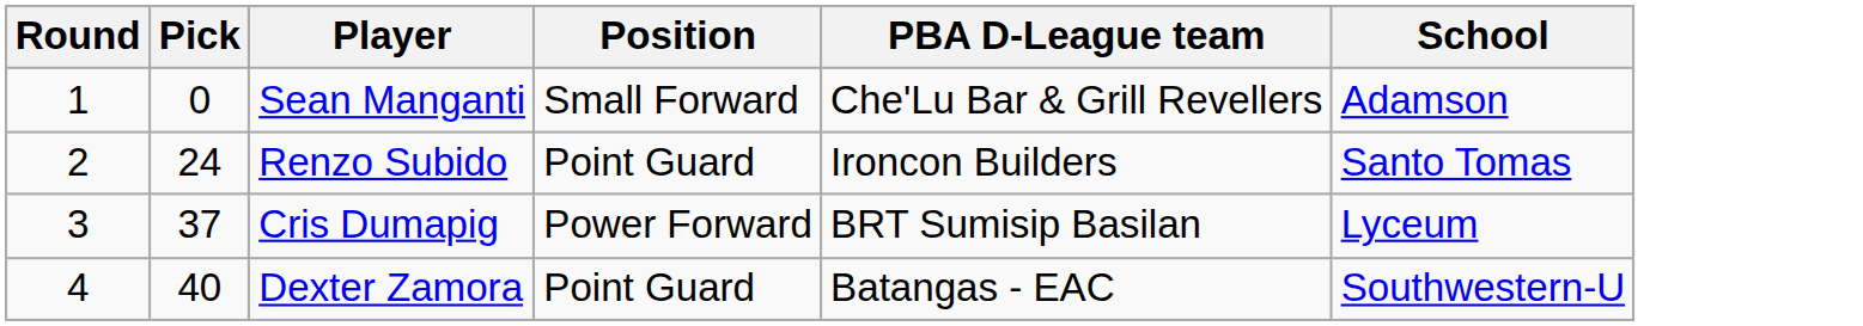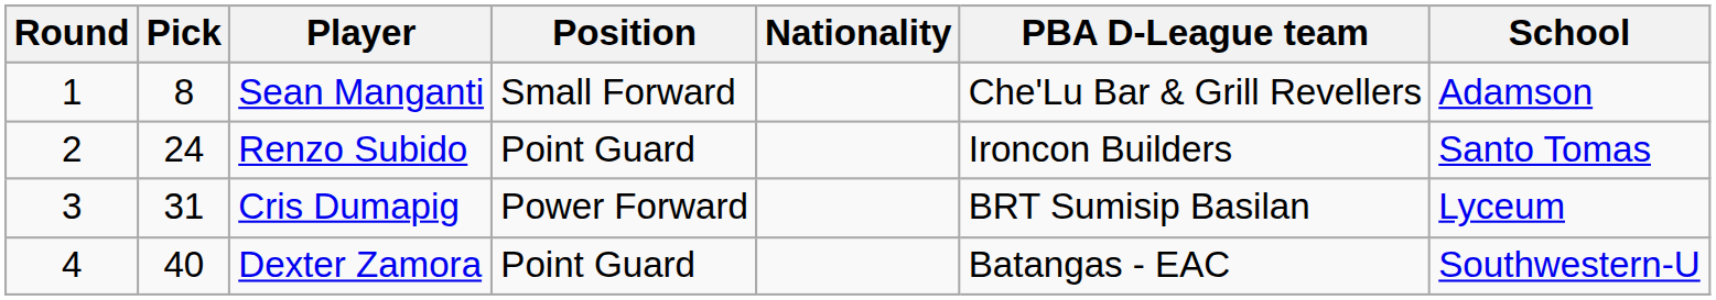 <table class="wikitable sortable sortable">
 <tr>
 <th>Round</th>
 <th>Pick</th>
 <th>Player</th>
 <th>Position</th>
+<th>Nationality</th>
 <th>PBA D-League team</th>
 <th>School</th>
 </tr>
 <tr>
 <td align=center>1</td>
-<td align=center>0</td>
+<td align=center>8</td>
 <td><a href='#'>Sean Manganti</a></td>
 <td>Small Forward</td>
+<td></td>
 <td>Che'Lu Bar & Grill Revellers</td>
 <td><a href='#'>Adamson</a></td>
 </tr>
 <tr>
 <td align=center>2</td>
 <td align=center>24</td>
 <td><a href='#'>Renzo Subido</a></td>
 <td>Point Guard</td>
+<td></td>
 <td>Ironcon Builders</td>
 <td><a href='#'>Santo Tomas</a></td>
 </tr>
 <tr>
 <td align=center>3</td>
-<td align=center>37</td>
+<td align=center>31</td>
 <td><a href='#'>Cris Dumapig</a></td>
 <td>Power Forward</td>
+<td></td>
 <td>BRT Sumisip Basilan</td>
 <td><a href='#'>Lyceum</a></td>
 </tr>
 <tr>
 <td align=center>4</td>
 <td align=center>40</td>
 <td><a href='#'>Dexter Zamora</a></td>
 <td>Point Guard</td>
+<td></td>
 <td>Batangas - EAC</td>
 <td><a href='#'>Southwestern-U</a></td>
 </tr>
 </table>
